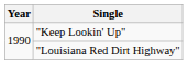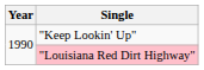 <table class="wikitable">
 <tr>
 <th>Year</th>
 <th>Single</th>
 </tr>
 <tr>
 <td rowspan=2>1990</td>
 <td>"Keep Lookin' Up"</td>
 </tr>
 <tr>
-<td>"Louisiana Red Dirt Highway"</td>
+<td style="background: pink;">"Louisiana Red Dirt Highway"</td>
 </tr>
 </table>
